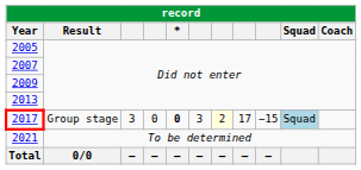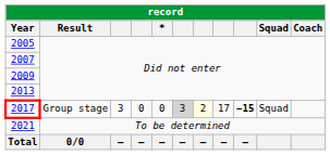 <table class="wikitable mw-collapsible" style="text-align: center;font-size:95%;">
 <tr>
 <th colspan="11" style="background: #009739; color: #FFFFFF;"><a href='#'></a> record</th>
 </tr>
 <tr>
 <th>Year</th>
 <th>Result</th>
 <th width=20></th>
 <th width=20></th>
 <th width=20>*</th>
 <th width=20></th>
 <th width=20></th>
 <th width=20></th>
 <th width=20></th>
 <th>Squad</th>
 <th>Coach</th>
 </tr>
 <tr>
 <td> <a href='#'>2005</a></td>
 <td colspan=10 rowspan=4><em>Did not enter</em></td>
 </tr>
 <tr>
 <td> <a href='#'>2007</a></td>
 </tr>
 <tr>
 <td> <a href='#'>2009</a></td>
 </tr>
 <tr>
 <td> <a href='#'>2013</a></td>
 </tr>
 <tr>
 <td style="border: 3px solid red"> <a href='#'>2017</a></td>
 <td>Group stage</td>
 <td>3</td>
 <td>0</td>
-<td><strong>0</strong></td>
-<td>3</td>
+<td>0</td>
+<td style="background: lightgrey;">3</td>
 <td style="background: lightyellow;">2</td>
 <td>17</td>
-<td>−15</td>
-<td style="background: lightblue;">Squad</td>
+<td><strong>−15</strong></td>
+<td>Squad</td>
 </tr>
 <tr>
 <td> <a href='#'>2021</a></td>
 <td colspan=10><em>To be determined</em></td>
 </tr>
 <tr>
 <th>Total</th>
 <th>0/0</th>
 <th>–</th>
 <th>–</th>
 <th>–</th>
 <th>–</th>
 <th>–</th>
 <th>–</th>
 <th>–</th>
 <th></th>
 <th></th>
 </tr>
 </table>
